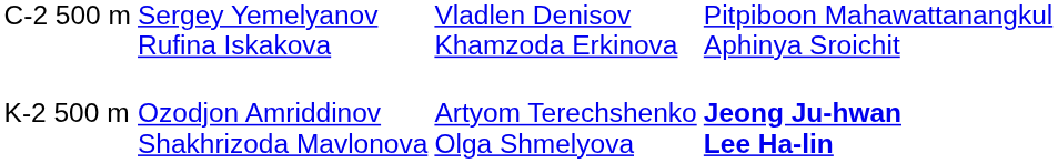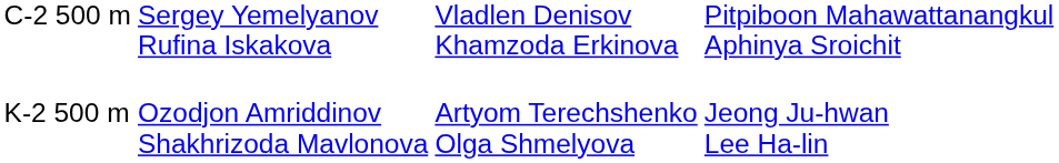 <table>
 <tr>
 <td>C-2 500 m</td>
 <td><br><a href='#'>Sergey Yemelyanov</a><br><a href='#'>Rufina Iskakova</a></td>
 <td><br><a href='#'>Vladlen Denisov</a><br><a href='#'>Khamzoda Erkinova</a></td>
 <td><br><a href='#'>Pitpiboon Mahawattanangkul</a><br><a href='#'>Aphinya Sroichit</a></td>
 </tr>
 <tr>
 <td>K-2 500 m</td>
 <td><br><a href='#'>Ozodjon Amriddinov</a><br><a href='#'>Shakhrizoda Mavlonova</a></td>
 <td><br><a href='#'>Artyom Terechshenko</a><br><a href='#'>Olga Shmelyova</a></td>
-<td><strong><br><a href='#'>Jeong Ju-hwan</a><br><a href='#'>Lee Ha-lin</a></strong></td>
+<td><br><a href='#'>Jeong Ju-hwan</a><br><a href='#'>Lee Ha-lin</a></td>
 </tr>
 </table>
